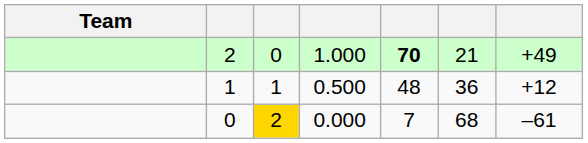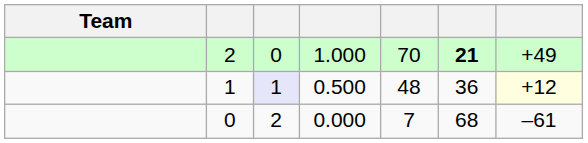 <table class="wikitable" style="text-align:center; width:50%">
 <tr>
 <th width="35%">Team</th>
 <th width="8%"></th>
 <th width="8%"></th>
 <th width="14%"></th>
 <th width="10%"></th>
 <th width="10%"></th>
 <th width="15%"></th>
 </tr>
 <tr style="background:#CCFFCC;">
 <td style="text-align:left;"></td>
 <td>2</td>
 <td>0</td>
 <td>1.000</td>
-<td><strong>70</strong></td>
-<td>21</td>
+<td>70</td>
+<td><strong>21</strong></td>
 <td>+49</td>
 </tr>
 <tr>
 <td style="text-align:left;"></td>
 <td>1</td>
-<td>1</td>
+<td style="background: lavender;">1</td>
 <td>0.500</td>
 <td>48</td>
 <td>36</td>
-<td>+12</td>
+<td style="background: lightyellow;">+12</td>
 </tr>
 <tr>
 <td style="text-align:left;"></td>
 <td>0</td>
-<td style="background: gold;">2</td>
+<td>2</td>
 <td>0.000</td>
 <td>7</td>
 <td>68</td>
 <td>–61</td>
 </tr>
 </table>
